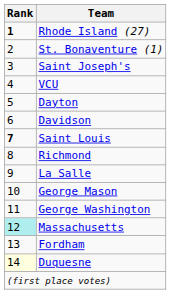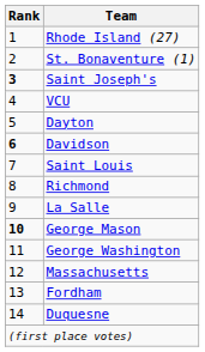 <table class=wikitable>
 <tr>
 <th>Rank</th>
 <th>Team</th>
 </tr>
 <tr>
-<td><strong>1</strong></td>
+<td>1</td>
 <td><a href='#'>Rhode Island</a> <em>(27)</em></td>
 </tr>
 <tr>
 <td>2</td>
 <td><a href='#'>St. Bonaventure</a> <em>(1)</em></td>
 </tr>
 <tr>
-<td>3</td>
+<td><strong>3</strong></td>
 <td><a href='#'>Saint Joseph's</a></td>
 </tr>
 <tr>
 <td>4</td>
 <td><a href='#'>VCU</a></td>
 </tr>
 <tr>
 <td>5</td>
 <td><a href='#'>Dayton</a></td>
 </tr>
 <tr>
-<td>6</td>
+<td><strong>6</strong></td>
 <td><a href='#'>Davidson</a></td>
 </tr>
 <tr>
-<td><strong>7</strong></td>
+<td>7</td>
 <td><a href='#'>Saint Louis</a></td>
 </tr>
 <tr>
 <td>8</td>
 <td><a href='#'>Richmond</a></td>
 </tr>
 <tr>
 <td>9</td>
 <td><a href='#'>La Salle</a></td>
 </tr>
 <tr>
-<td>10</td>
+<td><strong>10</strong></td>
 <td><a href='#'>George Mason</a></td>
 </tr>
 <tr>
 <td>11</td>
 <td><a href='#'>George Washington</a></td>
 </tr>
 <tr>
-<td style="background: paleturquoise;">12</td>
+<td>12</td>
 <td><a href='#'>Massachusetts</a></td>
 </tr>
 <tr>
 <td>13</td>
 <td><a href='#'>Fordham</a></td>
 </tr>
 <tr>
-<td style="background: lightyellow;">14</td>
+<td>14</td>
 <td><a href='#'>Duquesne</a></td>
 </tr>
 <tr>
 <td colspan=3 valign=middle><small><em>(first place votes)</em></small></td>
 </tr>
 </table>
